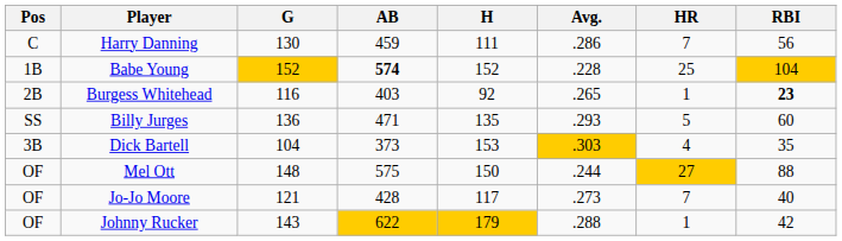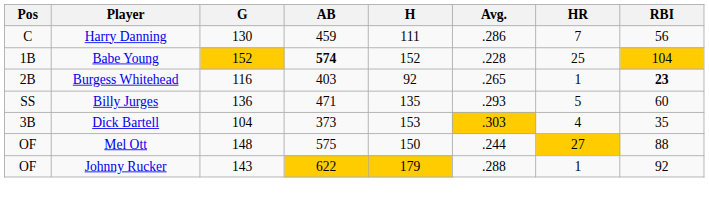 <table class="wikitable sortable">
 <tr>
 <th bgcolor="#DDDDFF" width="5%">Pos</th>
 <th bgcolor="#DDDDFF" width="16%">Player</th>
 <th bgcolor="#DDDDFF" width="9%">G</th>
 <th bgcolor="#DDDDFF" width="9%">AB</th>
 <th bgcolor="#DDDDFF" width="9%">H</th>
 <th bgcolor="#DDDDFF" width="9%">Avg.</th>
 <th bgcolor="#DDDDFF" width="9%">HR</th>
 <th bgcolor="#DDDDFF" width="9%">RBI</th>
 </tr>
 <tr align="center">
 <td>C</td>
 <td><a href='#'>Harry Danning</a></td>
 <td>130</td>
 <td>459</td>
 <td>111</td>
 <td>.286</td>
 <td>7</td>
 <td>56</td>
 </tr>
 <tr align="center">
 <td>1B</td>
 <td><a href='#'>Babe Young</a></td>
 <td style="background:#fc0;">152</td>
 <td><strong>574</strong></td>
 <td>152</td>
 <td>.228</td>
 <td>25</td>
 <td style="background:#fc0;">104</td>
 </tr>
 <tr align="center">
 <td>2B</td>
 <td><a href='#'>Burgess Whitehead</a></td>
 <td>116</td>
 <td>403</td>
 <td>92</td>
 <td>.265</td>
 <td>1</td>
 <td><strong>23</strong></td>
 </tr>
 <tr align="center">
 <td>SS</td>
 <td><a href='#'>Billy Jurges</a></td>
 <td>136</td>
 <td>471</td>
 <td>135</td>
 <td>.293</td>
 <td>5</td>
 <td>60</td>
 </tr>
 <tr align="center">
 <td>3B</td>
 <td><a href='#'>Dick Bartell</a></td>
 <td>104</td>
 <td>373</td>
 <td>153</td>
 <td style="background:#fc0;">.303</td>
 <td>4</td>
 <td>35</td>
 </tr>
 <tr align="center">
 <td>OF</td>
 <td><a href='#'>Mel Ott</a></td>
 <td>148</td>
 <td>575</td>
 <td>150</td>
 <td>.244</td>
 <td style="background:#fc0;">27</td>
 <td>88</td>
 </tr>
 <tr align="center">
 <td>OF</td>
-<td><a href='#'>Jo-Jo Moore</a></td>
-<td>121</td>
-<td>428</td>
-<td>117</td>
-<td>.273</td>
-<td>7</td>
-<td>40</td>
-</tr>
-<tr align="center">
-<td>OF</td>
 <td><a href='#'>Johnny Rucker</a></td>
 <td>143</td>
 <td style="background:#fc0;">622</td>
 <td style="background:#fc0;">179</td>
 <td>.288</td>
 <td>1</td>
-<td>42</td>
+<td>92</td>
 </tr>
 </table>
